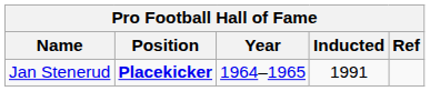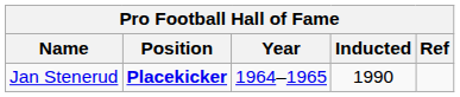 <table class="wikitable">
 <tr align="center">
 <th colspan=5>Pro Football Hall of Fame</th>
 </tr>
 <tr>
 <th>Name</th>
 <th>Position</th>
 <th>Year</th>
 <th>Inducted</th>
 <th>Ref</th>
 </tr>
 <tr align="center" bgcolor="">
 <td><a href='#'>Jan Stenerud</a></td>
 <td><strong><a href='#'>Placekicker</a></strong></td>
 <td><a href='#'>1964</a>–<a href='#'>1965</a></td>
-<td>1991</td>
+<td>1990</td>
 <td></td>
 </tr>
 </table>
